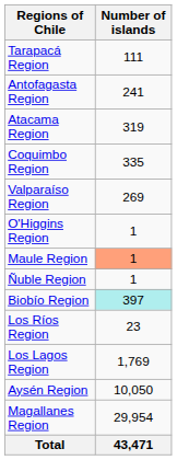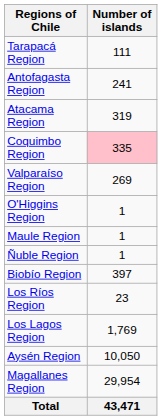 <table class="wikitable" style="font-size: 90%;" width=30%>
 <tr>
 <th>Regions of Chile</th>
 <th>Number of islands</th>
 </tr>
 <tr>
 <td><a href='#'>Tarapacá Region</a></td>
 <td align=center>111</td>
 </tr>
 <tr>
 <td><a href='#'>Antofagasta Region</a></td>
 <td align=center>241</td>
 </tr>
 <tr>
 <td><a href='#'>Atacama Region</a></td>
 <td align=center>319</td>
 </tr>
 <tr>
 <td><a href='#'>Coquimbo Region</a></td>
-<td align=center>335</td>
+<td align=center style="background: pink;">335</td>
 </tr>
 <tr>
 <td><a href='#'>Valparaíso Region</a></td>
 <td align=center>269</td>
 </tr>
 <tr>
 <td><a href='#'>O'Higgins Region</a></td>
 <td align=center>1</td>
 </tr>
 <tr>
 <td><a href='#'>Maule Region</a></td>
-<td align=center style="background: lightsalmon;">1</td>
+<td align=center>1</td>
 </tr>
 <tr>
 <td><a href='#'>Ñuble Region</a></td>
 <td align=center>1</td>
 </tr>
 <tr>
 <td><a href='#'>Biobío Region</a></td>
-<td align=center style="background: paleturquoise;">397</td>
+<td align=center>397</td>
 </tr>
 <tr>
 <td><a href='#'>Los Ríos Region</a></td>
 <td align=center>23</td>
 </tr>
 <tr>
 <td><a href='#'>Los Lagos Region</a></td>
 <td align=center>1,769</td>
 </tr>
 <tr>
 <td><a href='#'>Aysén Region</a></td>
 <td align=center>10,050</td>
 </tr>
 <tr>
 <td><a href='#'>Magallanes Region</a></td>
 <td align=center>29,954</td>
 </tr>
 <tr>
 <th>Total</th>
 <th align=center>43,471</th>
 </tr>
 </table>
